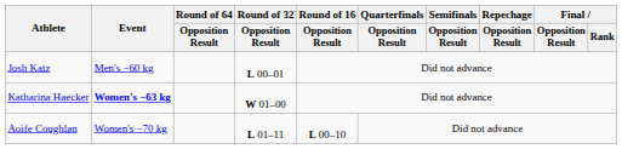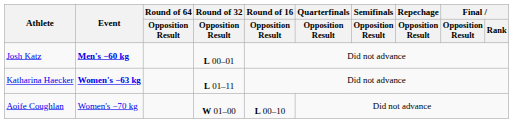 <table class=wikitable style=font-size:90%;text-align:center>
 <tr>
 <th rowspan="2">Athlete</th>
 <th rowspan="2">Event</th>
 <th>Round of 64</th>
 <th>Round of 32</th>
 <th>Round of 16</th>
 <th>Quarterfinals</th>
 <th>Semifinals</th>
 <th>Repechage</th>
 <th colspan=2>Final / </th>
 </tr>
 <tr style="font-size:95%">
 <th>Opposition<br>Result</th>
 <th>Opposition<br>Result</th>
 <th>Opposition<br>Result</th>
 <th>Opposition<br>Result</th>
 <th>Opposition<br>Result</th>
 <th>Opposition<br>Result</th>
 <th>Opposition<br>Result</th>
 <th>Rank</th>
 </tr>
 <tr>
 <td align=left><a href='#'>Josh Katz</a></td>
-<td align=left><a href='#'>Men's −60 kg</a></td>
+<td align=left><strong><a href='#'>Men's −60 kg</a></strong></td>
 <td></td>
 <td><br><strong>L</strong> 00–01</td>
 <td colspan=6>Did not advance</td>
 </tr>
 <tr>
 <td align=left><a href='#'>Katharina Haecker</a></td>
 <td align=left><strong><a href='#'>Women's −63 kg</a></strong></td>
 <td></td>
-<td><br><strong>W</strong> 01–00</td>
+<td><br><strong>L</strong> 01–11</td>
 <td colspan=6>Did not advance</td>
 </tr>
 <tr>
 <td align=left><a href='#'>Aoife Coughlan</a></td>
 <td align=left><a href='#'>Women's −70 kg</a></td>
 <td></td>
-<td><br><strong>L</strong> 01–11</td>
+<td><br><strong>W</strong> 01–00</td>
 <td><br><strong>L</strong> 00–10</td>
 <td colspan=5>Did not advance</td>
 </tr>
 </table>
